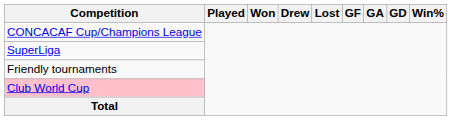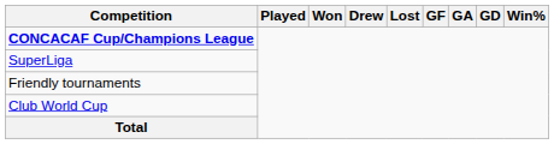 <table class="wikitable sortable" style="text-align:center">
 <tr>
 <th>Competition</th>
 <th>Played</th>
 <th>Won</th>
 <th>Drew</th>
 <th>Lost</th>
 <th>GF</th>
 <th>GA</th>
 <th>GD</th>
 <th>Win%</th>
 </tr>
 <tr>
-<td align=left><a href='#'>CONCACAF Cup/Champions League</a><br></td>
+<td align=left><strong><a href='#'>CONCACAF Cup/Champions League</a><br></strong></td>
 </tr>
 <tr>
 <td align=left><a href='#'>SuperLiga</a><br></td>
 </tr>
 <tr>
 <td align=left>Friendly tournaments<br></td>
 </tr>
 <tr>
-<td align=left style="background: pink;"><a href='#'>Club World Cup</a><br></td>
+<td align=left><a href='#'>Club World Cup</a><br></td>
 </tr>
 <tr>
 <th>Total<br></th>
 </tr>
 </table>
